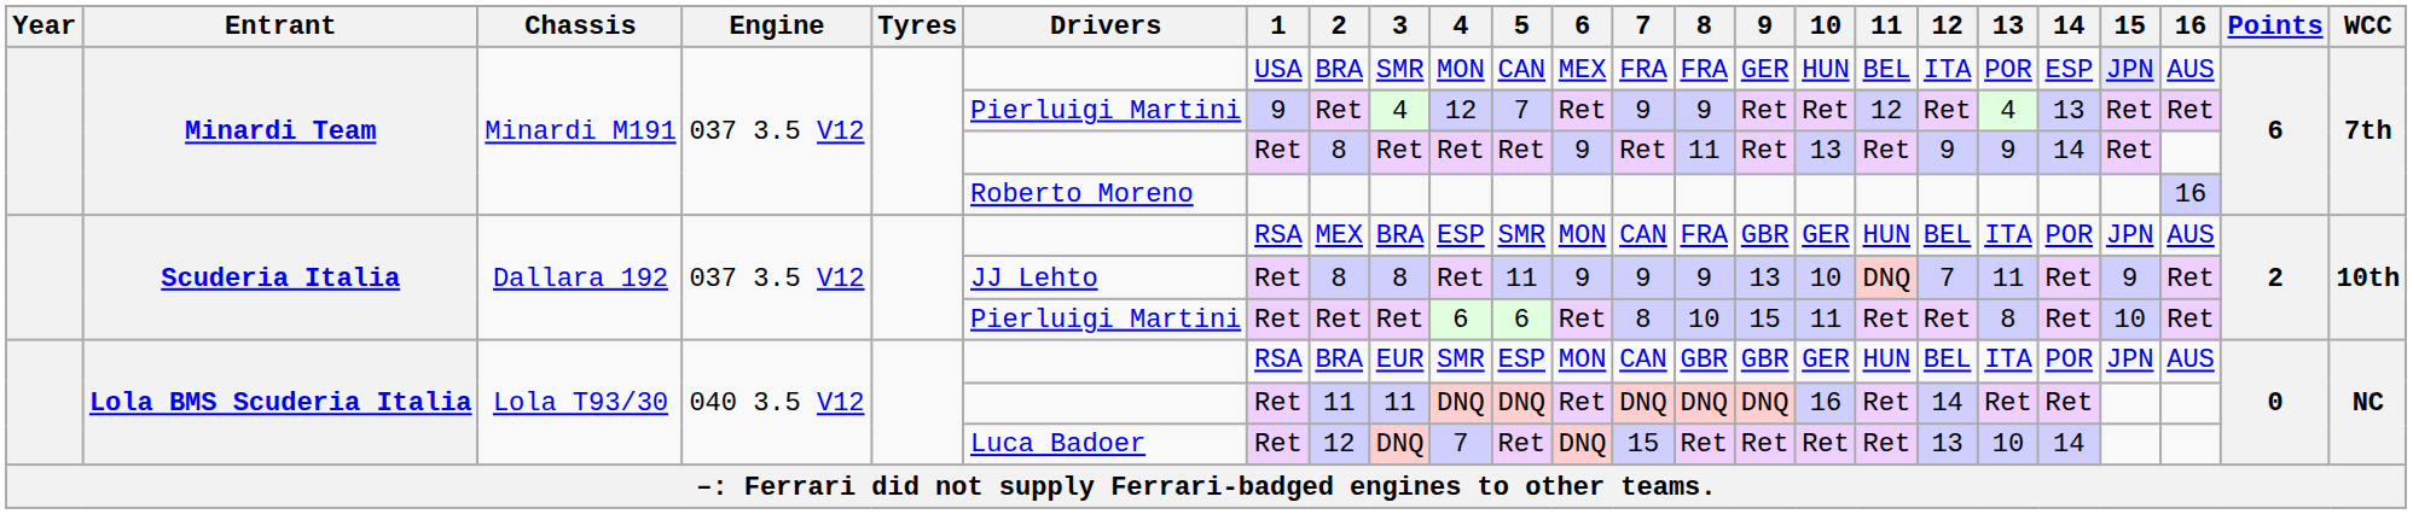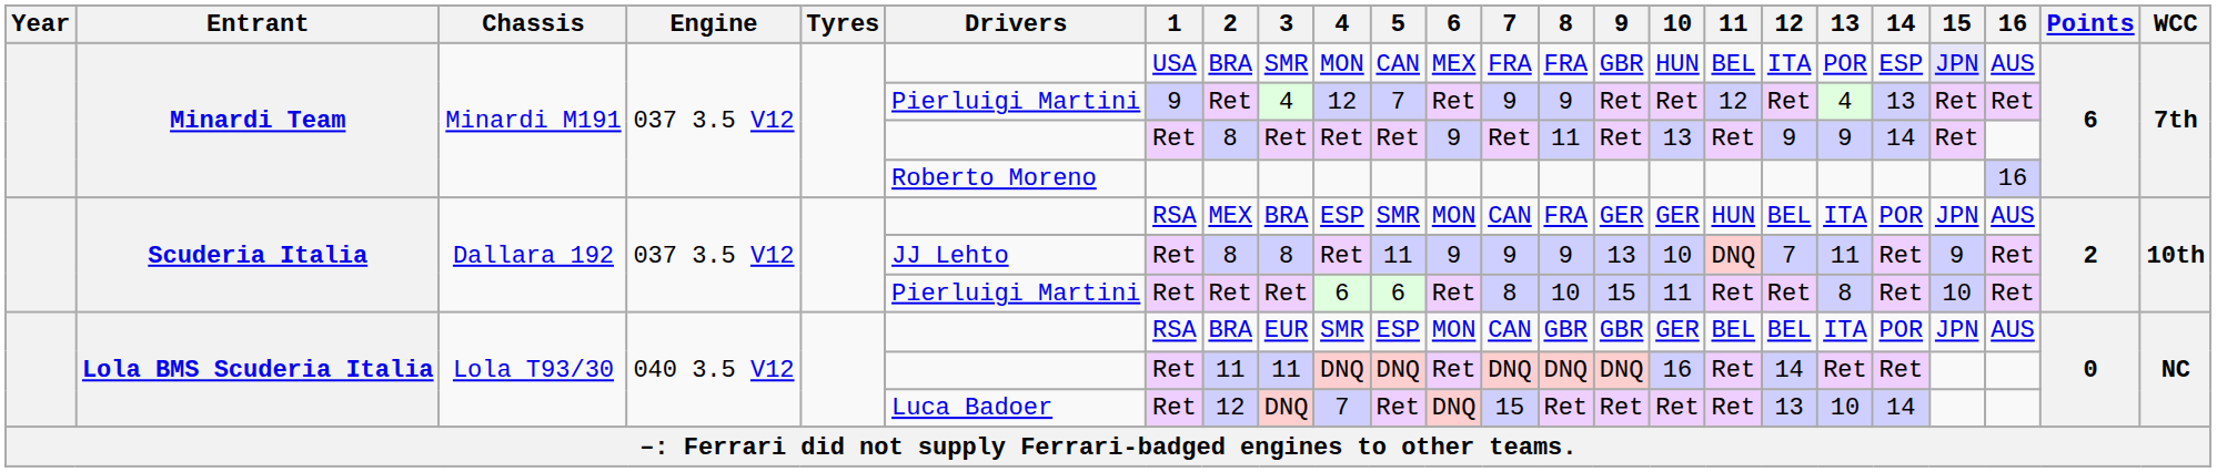 <table class="wikitable" style="text-align:center; font-size:85%">
 <tr>
 <th>Year</th>
 <th>Entrant</th>
 <th>Chassis</th>
 <th>Engine</th>
 <th>Tyres</th>
 <th>Drivers</th>
 <th>1</th>
 <th>2</th>
 <th>3</th>
 <th>4</th>
 <th>5</th>
 <th>6</th>
 <th>7</th>
 <th>8</th>
 <th>9</th>
 <th>10</th>
 <th>11</th>
 <th>12</th>
 <th>13</th>
 <th>14</th>
 <th>15</th>
 <th>16</th>
 <th><a href='#'>Points</a></th>
 <th>WCC</th>
 </tr>
 <tr>
 <th rowspan="4"></th>
 <th rowspan="4"><a href='#'>Minardi Team</a></th>
 <td rowspan="4"><a href='#'>Minardi M191</a></td>
 <td rowspan="4">037 3.5 <a href='#'>V12</a></td>
 <td rowspan="4"></td>
 <td></td>
 <td><a href='#'>USA</a></td>
 <td><a href='#'>BRA</a></td>
 <td><a href='#'>SMR</a></td>
 <td><a href='#'>MON</a></td>
 <td><a href='#'>CAN</a></td>
 <td><a href='#'>MEX</a></td>
 <td><a href='#'>FRA</a></td>
 <td><a href='#'>FRA</a></td>
-<td><a href='#'>GER</a></td>
+<td><a href='#'>GBR</a></td>
 <td><a href='#'>HUN</a></td>
 <td><a href='#'>BEL</a></td>
 <td><a href='#'>ITA</a></td>
 <td><a href='#'>POR</a></td>
 <td><a href='#'>ESP</a></td>
 <td style="background: lavender;"><a href='#'>JPN</a></td>
 <td><a href='#'>AUS</a></td>
 <th rowspan="4">6</th>
 <th rowspan="4">7th</th>
 </tr>
 <tr>
 <td align="left"> <a href='#'>Pierluigi Martini</a></td>
 <td style="background-color:#CFCFFF">9</td>
 <td style="background-color:#EFCFFF">Ret</td>
 <td style="background-color:#DFFFDF">4</td>
 <td style="background-color:#CFCFFF">12</td>
 <td style="background-color:#CFCFFF">7</td>
 <td style="background-color:#EFCFFF">Ret</td>
 <td style="background-color:#CFCFFF">9</td>
 <td style="background-color:#CFCFFF">9</td>
 <td style="background-color:#EFCFFF">Ret</td>
 <td style="background-color:#EFCFFF">Ret</td>
 <td style="background-color:#CFCFFF">12</td>
 <td style="background-color:#EFCFFF">Ret</td>
 <td style="background-color:#DFFFDF">4</td>
 <td style="background-color:#CFCFFF">13</td>
 <td style="background-color:#EFCFFF">Ret</td>
 <td style="background-color:#EFCFFF">Ret</td>
 </tr>
 <tr>
 <td align="left"></td>
 <td style="background-color:#EFCFFF">Ret</td>
 <td style="background-color:#CFCFFF">8</td>
 <td style="background-color:#EFCFFF">Ret</td>
 <td style="background-color:#EFCFFF">Ret</td>
 <td style="background-color:#EFCFFF">Ret</td>
 <td style="background-color:#CFCFFF">9</td>
 <td style="background-color:#EFCFFF">Ret</td>
 <td style="background-color:#CFCFFF">11</td>
 <td style="background-color:#EFCFFF">Ret</td>
 <td style="background-color:#CFCFFF">13</td>
 <td style="background-color:#EFCFFF">Ret</td>
 <td style="background-color:#CFCFFF">9</td>
 <td style="background-color:#CFCFFF">9</td>
 <td style="background-color:#CFCFFF">14</td>
 <td style="background-color:#EFCFFF">Ret</td>
 <td></td>
 </tr>
 <tr>
 <td align="left"> <a href='#'>Roberto Moreno</a></td>
 <td></td>
 <td></td>
 <td></td>
 <td></td>
 <td></td>
 <td></td>
 <td></td>
 <td></td>
 <td></td>
 <td></td>
 <td></td>
 <td></td>
 <td></td>
 <td></td>
 <td></td>
 <td style="background-color:#CFCFFF">16</td>
 </tr>
 <tr>
 <th rowspan="3"></th>
 <th rowspan="3"><a href='#'>Scuderia Italia</a></th>
 <td rowspan="3"><a href='#'>Dallara 192</a></td>
 <td rowspan="3">037 3.5 <a href='#'>V12</a></td>
 <td rowspan="3"></td>
 <td></td>
 <td><a href='#'>RSA</a></td>
 <td><a href='#'>MEX</a></td>
 <td><a href='#'>BRA</a></td>
 <td><a href='#'>ESP</a></td>
 <td><a href='#'>SMR</a></td>
 <td><a href='#'>MON</a></td>
 <td><a href='#'>CAN</a></td>
 <td><a href='#'>FRA</a></td>
-<td><a href='#'>GBR</a></td>
+<td><a href='#'>GER</a></td>
 <td><a href='#'>GER</a></td>
 <td><a href='#'>HUN</a></td>
 <td><a href='#'>BEL</a></td>
 <td><a href='#'>ITA</a></td>
 <td><a href='#'>POR</a></td>
 <td><a href='#'>JPN</a></td>
 <td><a href='#'>AUS</a></td>
 <th rowspan="3">2</th>
 <th rowspan="3">10th</th>
 </tr>
 <tr>
 <td align="left"> <a href='#'>JJ Lehto</a></td>
 <td style="background-color:#EFCFFF">Ret</td>
 <td style="background-color:#CFCFFF">8</td>
 <td style="background-color:#CFCFFF">8</td>
 <td style="background-color:#EFCFFF">Ret</td>
 <td style="background-color:#CFCFFF">11</td>
 <td style="background-color:#CFCFFF">9</td>
 <td style="background-color:#CFCFFF">9</td>
 <td style="background-color:#CFCFFF">9</td>
 <td style="background-color:#CFCFFF">13</td>
 <td style="background-color:#CFCFFF">10</td>
 <td style="background-color:#FFCFCF">DNQ</td>
 <td style="background-color:#CFCFFF">7</td>
 <td style="background-color:#CFCFFF">11</td>
 <td style="background-color:#EFCFFF">Ret</td>
 <td style="background-color:#CFCFFF">9</td>
 <td style="background-color:#EFCFFF">Ret</td>
 </tr>
 <tr>
 <td align="left"> <a href='#'>Pierluigi Martini</a></td>
 <td style="background-color:#EFCFFF">Ret</td>
 <td style="background-color:#EFCFFF">Ret</td>
 <td style="background-color:#EFCFFF">Ret</td>
 <td style="background-color:#DFFFDF">6</td>
 <td style="background-color:#DFFFDF">6</td>
 <td style="background-color:#EFCFFF">Ret</td>
 <td style="background-color:#CFCFFF">8</td>
 <td style="background-color:#CFCFFF">10</td>
 <td style="background-color:#CFCFFF">15</td>
 <td style="background-color:#CFCFFF">11</td>
 <td style="background-color:#EFCFFF">Ret</td>
 <td style="background-color:#EFCFFF">Ret</td>
 <td style="background-color:#CFCFFF">8</td>
 <td style="background-color:#EFCFFF">Ret</td>
 <td style="background-color:#CFCFFF">10</td>
 <td style="background-color:#EFCFFF">Ret</td>
 </tr>
 <tr>
 <th rowspan="3"></th>
 <th rowspan="3"><a href='#'>Lola BMS Scuderia Italia</a></th>
 <td rowspan="3"><a href='#'>Lola T93/30</a></td>
 <td rowspan="3">040 3.5 <a href='#'>V12</a></td>
 <td rowspan="3"></td>
 <td></td>
 <td><a href='#'>RSA</a></td>
 <td><a href='#'>BRA</a></td>
 <td><a href='#'>EUR</a></td>
 <td><a href='#'>SMR</a></td>
 <td><a href='#'>ESP</a></td>
 <td><a href='#'>MON</a></td>
 <td><a href='#'>CAN</a></td>
 <td><a href='#'>GBR</a></td>
 <td><a href='#'>GBR</a></td>
 <td><a href='#'>GER</a></td>
-<td><a href='#'>HUN</a></td>
+<td><a href='#'>BEL</a></td>
 <td><a href='#'>BEL</a></td>
 <td><a href='#'>ITA</a></td>
 <td><a href='#'>POR</a></td>
 <td><a href='#'>JPN</a></td>
 <td><a href='#'>AUS</a></td>
 <th rowspan="3">0</th>
 <th rowspan="3">NC</th>
 </tr>
 <tr>
 <td align="left"></td>
 <td style="background-color:#EFCFFF">Ret</td>
 <td style="background-color:#CFCFFF">11</td>
 <td style="background-color:#CFCFFF">11</td>
 <td style="background-color:#FFCFCF">DNQ</td>
 <td style="background-color:#FFCFCF">DNQ</td>
 <td style="background-color:#EFCFFF">Ret</td>
 <td style="background-color:#FFCFCF">DNQ</td>
 <td style="background-color:#FFCFCF">DNQ</td>
 <td style="background-color:#FFCFCF">DNQ</td>
 <td style="background-color:#CFCFFF">16</td>
 <td style="background-color:#EFCFFF">Ret</td>
 <td style="background-color:#CFCFFF">14</td>
 <td style="background-color:#EFCFFF">Ret</td>
 <td style="background-color:#EFCFFF">Ret</td>
 <td></td>
 <td></td>
 </tr>
 <tr>
 <td align="left"> <a href='#'>Luca Badoer</a></td>
 <td style="background-color:#EFCFFF">Ret</td>
 <td style="background-color:#CFCFFF">12</td>
 <td style="background-color:#FFCFCF">DNQ</td>
 <td style="background-color:#CFCFFF">7</td>
 <td style="background-color:#EFCFFF">Ret</td>
 <td style="background-color:#FFCFCF">DNQ</td>
 <td style="background-color:#CFCFFF">15</td>
 <td style="background-color:#EFCFFF">Ret</td>
 <td style="background-color:#EFCFFF">Ret</td>
 <td style="background-color:#EFCFFF">Ret</td>
 <td style="background-color:#EFCFFF">Ret</td>
 <td style="background-color:#CFCFFF">13</td>
 <td style="background-color:#CFCFFF">10</td>
 <td style="background-color:#CFCFFF">14</td>
 <td></td>
 <td></td>
 </tr>
 <tr>
 <th colspan="29">–: Ferrari did not supply Ferrari-badged engines to other teams.</th>
 </tr>
 </table>
